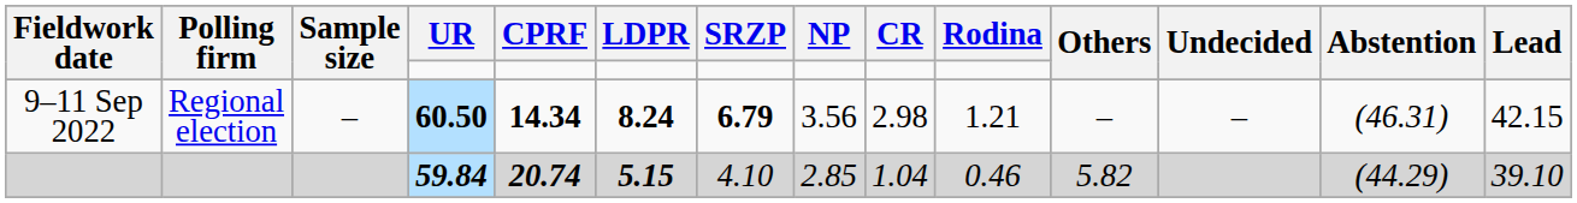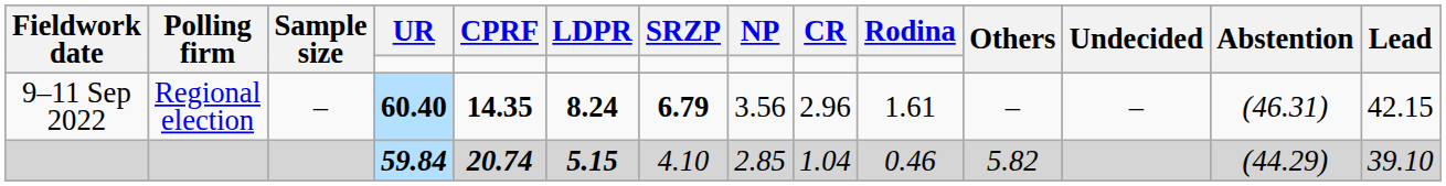 <table class=wikitable style="font-size:95%; line-height:14px; text-align:center">
 <tr>
 <th style=width:120px; rowspan=2>Fieldwork date</th>
 <th style=width:120px; rowspan=2>Polling firm</th>
 <th style=width:50px; rowspan=2>Sample<br>size</th>
 <th style="width:50px;"><a href='#'>UR</a></th>
 <th style="width:50px;"><a href='#'>CPRF</a></th>
 <th style="width:50px;"><a href='#'>LDPR</a></th>
 <th style="width:50px;"><a href='#'>SRZP</a></th>
 <th style="width:50px;"><a href='#'>NP</a></th>
 <th style="width:50px;"><a href='#'>CR</a></th>
 <th style="width:50px;"><a href='#'>Rodina</a></th>
 <th style="width:50px;" rowspan=2>Others</th>
 <th style="width:50px;" rowspan=2>Undecided</th>
 <th style="width:50px;" rowspan=2>Abstention</th>
 <th style="width:50px;" rowspan="2">Lead</th>
 </tr>
 <tr>
 <td bgcolor=></td>
 <td bgcolor=></td>
 <td bgcolor=></td>
 <td bgcolor=></td>
 <td bgcolor=></td>
 <td bgcolor=></td>
 <td bgcolor=></td>
 </tr>
 <tr>
 <td>9–11 Sep 2022</td>
 <td><a href='#'>Regional election</a></td>
 <td>–</td>
-<td style="background:#B3E0FF"><strong>60.50</strong></td>
-<td><strong>14.34</strong></td>
+<td style="background:#B3E0FF"><strong>60.40</strong></td>
+<td><strong>14.35</strong></td>
 <td><strong>8.24</strong></td>
 <td><strong>6.79</strong></td>
 <td>3.56</td>
-<td>2.98</td>
-<td>1.21</td>
+<td>2.96</td>
+<td>1.61</td>
 <td>–</td>
 <td>–</td>
 <td><em>(46.31)</em></td>
 <td style="background:">42.15</td>
 </tr>
 <tr style="background:#D5D5D5">
 <td></td>
 <td></td>
 <td></td>
 <td style="background:#B3E0FF"><strong><em>59.84</em></strong></td>
 <td><strong><em>20.74</em></strong></td>
 <td><strong><em>5.15</em></strong></td>
 <td><em>4.10</em></td>
 <td><em>2.85</em></td>
 <td><em>1.04</em></td>
 <td><em>0.46</em></td>
 <td><em>5.82</em></td>
 <td></td>
 <td><em>(44.29)</em></td>
 <td style="background:"><em>39.10</em></td>
 </tr>
 </table>
